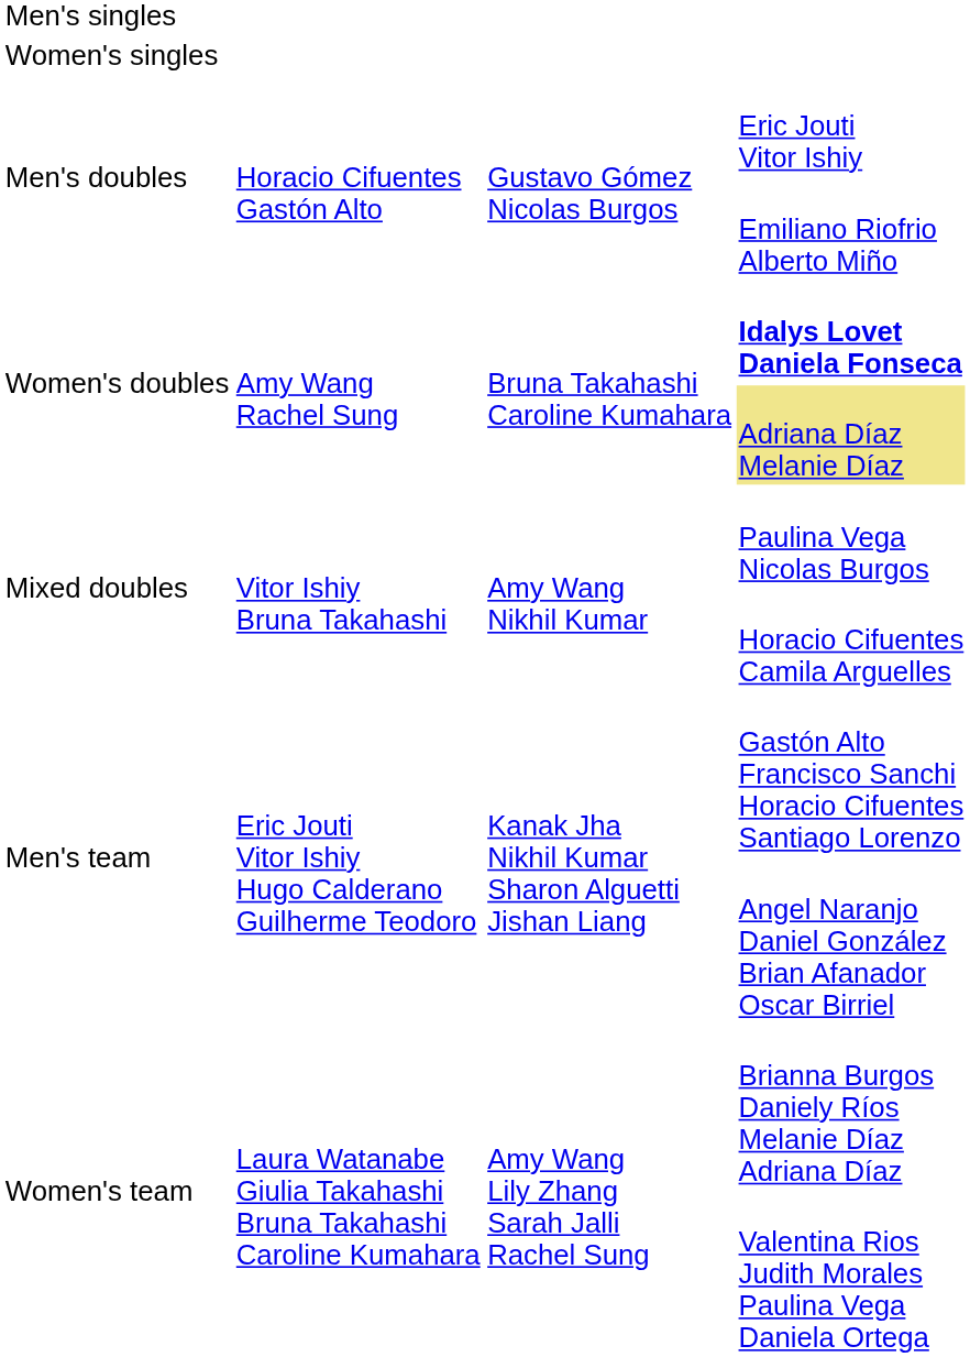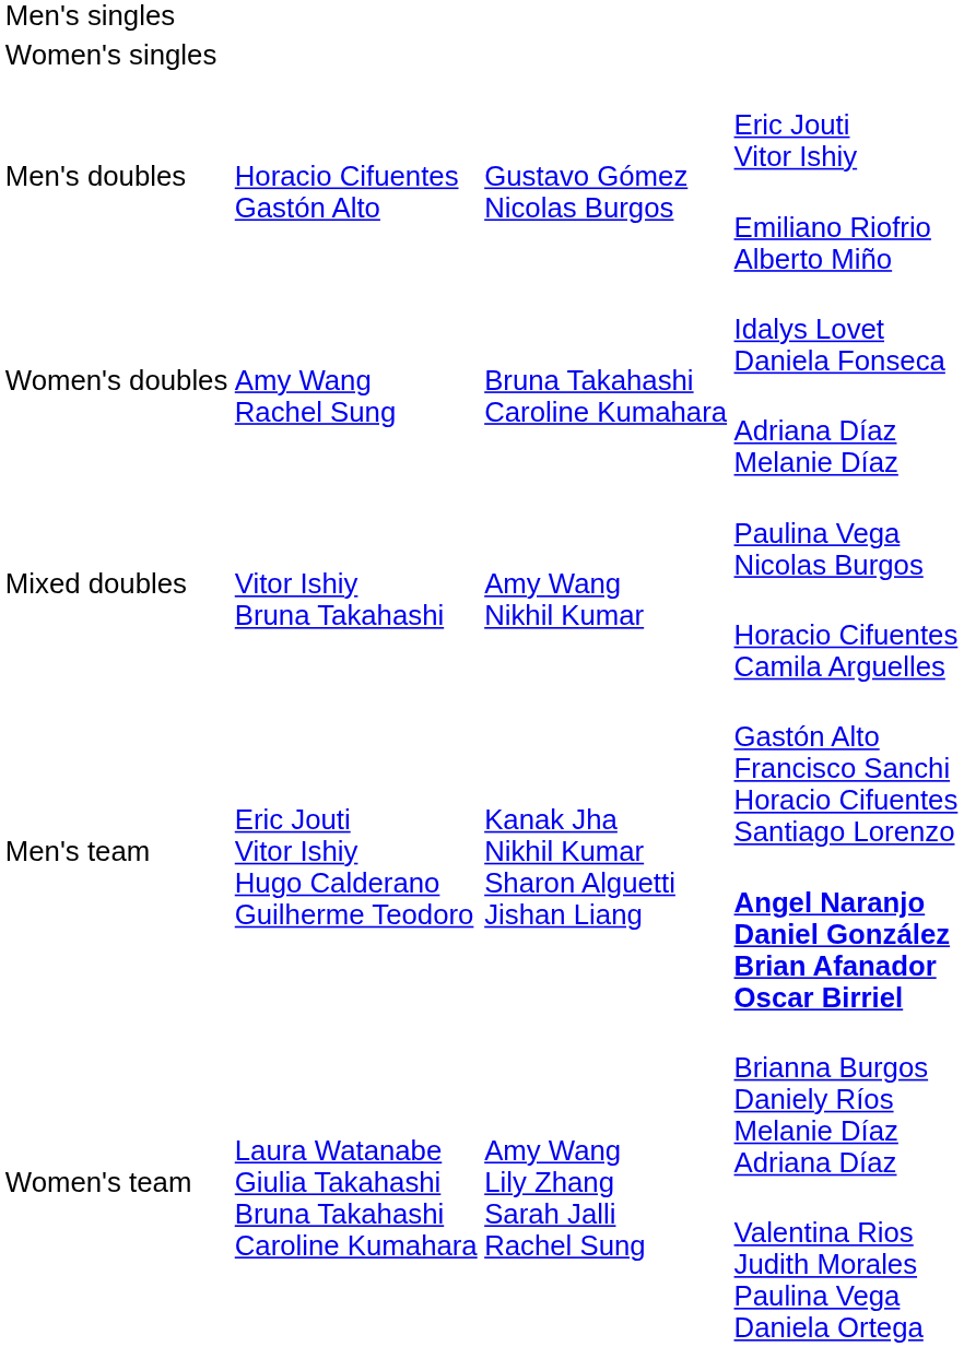 <table>
 <tr>
 <td rowspan=2>Men's singles</td>
 <td rowspan=2></td>
 <td rowspan=2></td>
 <td></td>
 </tr>
 <tr>
 <td></td>
 </tr>
 <tr>
 <td rowspan=2>Women's singles</td>
 <td rowspan=2></td>
 <td rowspan=2></td>
 <td></td>
 </tr>
 <tr>
 <td></td>
 </tr>
 <tr>
 <td rowspan=2>Men's doubles</td>
 <td rowspan=2><br><a href='#'>Horacio Cifuentes</a><br><a href='#'>Gastón Alto</a></td>
 <td rowspan=2><br><a href='#'>Gustavo Gómez</a><br><a href='#'>Nicolas Burgos</a></td>
 <td><br><a href='#'>Eric Jouti</a><br><a href='#'>Vitor Ishiy</a></td>
 </tr>
 <tr>
 <td><br><a href='#'>Emiliano Riofrio</a><br><a href='#'>Alberto Miño</a></td>
 </tr>
 <tr>
 <td rowspan=2>Women's doubles</td>
 <td rowspan=2><br><a href='#'>Amy Wang</a><br><a href='#'>Rachel Sung</a></td>
 <td rowspan=2><br><a href='#'>Bruna Takahashi</a><br><a href='#'>Caroline Kumahara</a></td>
-<td><strong><br><a href='#'>Idalys Lovet</a><br><a href='#'>Daniela Fonseca</a></strong></td>
+<td><br><a href='#'>Idalys Lovet</a><br><a href='#'>Daniela Fonseca</a></td>
 </tr>
 <tr>
-<td style="background: khaki;"><br><a href='#'>Adriana Díaz</a><br><a href='#'>Melanie Díaz</a></td>
+<td><br><a href='#'>Adriana Díaz</a><br><a href='#'>Melanie Díaz</a></td>
 </tr>
 <tr>
 <td rowspan=2>Mixed doubles</td>
 <td rowspan=2><br><a href='#'>Vitor Ishiy</a><br><a href='#'>Bruna Takahashi</a></td>
 <td rowspan=2><br><a href='#'>Amy Wang</a><br><a href='#'>Nikhil Kumar</a></td>
 <td><br><a href='#'>Paulina Vega</a><br><a href='#'>Nicolas Burgos</a></td>
 </tr>
 <tr>
 <td><br><a href='#'>Horacio Cifuentes</a><br><a href='#'>Camila Arguelles</a></td>
 </tr>
 <tr>
 <td rowspan=2>Men's team</td>
 <td rowspan=2><br><a href='#'>Eric Jouti</a><br><a href='#'>Vitor Ishiy</a><br><a href='#'>Hugo Calderano</a><br><a href='#'>Guilherme Teodoro</a></td>
 <td rowspan=2><br><a href='#'>Kanak Jha</a><br><a href='#'>Nikhil Kumar</a><br><a href='#'>Sharon Alguetti</a><br><a href='#'>Jishan Liang</a></td>
 <td><br><a href='#'>Gastón Alto</a><br><a href='#'>Francisco Sanchi</a><br><a href='#'>Horacio Cifuentes</a><br><a href='#'>Santiago Lorenzo</a></td>
 </tr>
 <tr>
-<td><br><a href='#'>Angel Naranjo</a><br><a href='#'>Daniel González</a><br><a href='#'>Brian Afanador</a><br><a href='#'>Oscar Birriel</a></td>
+<td><strong><br><a href='#'>Angel Naranjo</a><br><a href='#'>Daniel González</a><br><a href='#'>Brian Afanador</a><br><a href='#'>Oscar Birriel</a></strong></td>
 </tr>
 <tr>
 <td rowspan=2>Women's team</td>
 <td rowspan=2><br><a href='#'>Laura Watanabe</a><br><a href='#'>Giulia Takahashi</a><br><a href='#'>Bruna Takahashi</a><br><a href='#'>Caroline Kumahara</a></td>
 <td rowspan=2><br><a href='#'>Amy Wang</a><br><a href='#'>Lily Zhang</a><br><a href='#'>Sarah Jalli</a><br><a href='#'>Rachel Sung</a></td>
 <td><br><a href='#'>Brianna Burgos</a><br><a href='#'>Daniely Ríos</a><br><a href='#'>Melanie Díaz</a><br><a href='#'>Adriana Díaz</a></td>
 </tr>
 <tr>
 <td><br><a href='#'>Valentina Rios</a><br><a href='#'>Judith Morales</a><br><a href='#'>Paulina Vega</a><br><a href='#'>Daniela Ortega</a></td>
 </tr>
 </table>
